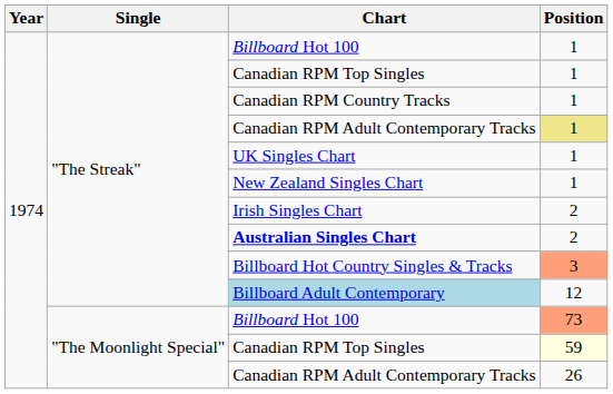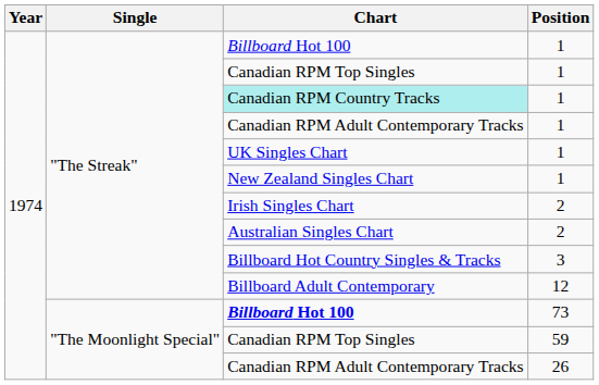 <table class=wikitable>
 <tr>
 <th>Year</th>
 <th>Single</th>
 <th>Chart</th>
 <th>Position</th>
 </tr>
 <tr>
 <td rowspan="13">1974</td>
 <td rowspan="10">"The Streak"</td>
 <td><a href='#'><em>Billboard</em> Hot 100</a></td>
 <td style="text-align:center;">1</td>
 </tr>
 <tr>
 <td>Canadian RPM Top Singles</td>
 <td style="text-align:center;">1</td>
 </tr>
 <tr>
-<td>Canadian RPM Country Tracks</td>
+<td style="background: paleturquoise;">Canadian RPM Country Tracks</td>
 <td style="text-align:center;">1</td>
 </tr>
 <tr>
 <td>Canadian RPM Adult Contemporary Tracks</td>
-<td style="background: khaki; text-align:center;">1</td>
+<td style="text-align:center;">1</td>
 </tr>
 <tr>
 <td><a href='#'>UK Singles Chart</a></td>
 <td style="text-align:center;">1</td>
 </tr>
 <tr>
 <td><a href='#'>New Zealand Singles Chart</a></td>
 <td style="text-align:center;">1</td>
 </tr>
 <tr>
 <td><a href='#'>Irish Singles Chart</a></td>
 <td style="text-align:center;">2</td>
 </tr>
 <tr>
-<td><strong><a href='#'>Australian Singles Chart</a></strong></td>
+<td><a href='#'>Australian Singles Chart</a></td>
 <td style="text-align:center;">2</td>
 </tr>
 <tr>
 <td><a href='#'>Billboard Hot Country Singles & Tracks</a></td>
-<td style="background: lightsalmon; text-align:center;">3</td>
+<td style="text-align:center;">3</td>
 </tr>
 <tr>
-<td style="background: lightblue;"><a href='#'>Billboard Adult Contemporary</a></td>
+<td><a href='#'>Billboard Adult Contemporary</a></td>
 <td style="text-align:center;">12</td>
 </tr>
 <tr>
 <td rowspan="3">"The Moonlight Special"</td>
-<td><a href='#'><em>Billboard</em> Hot 100</a></td>
-<td style="background: lightsalmon; text-align:center;">73</td>
+<td><strong><a href='#'><em>Billboard</em> Hot 100</a></strong></td>
+<td style="text-align:center;">73</td>
 </tr>
 <tr>
 <td>Canadian RPM Top Singles</td>
-<td style="background: lightyellow; text-align:center;">59</td>
+<td style="text-align:center;">59</td>
 </tr>
 <tr>
 <td>Canadian RPM Adult Contemporary Tracks</td>
 <td style="text-align:center;">26</td>
 </tr>
 </table>
